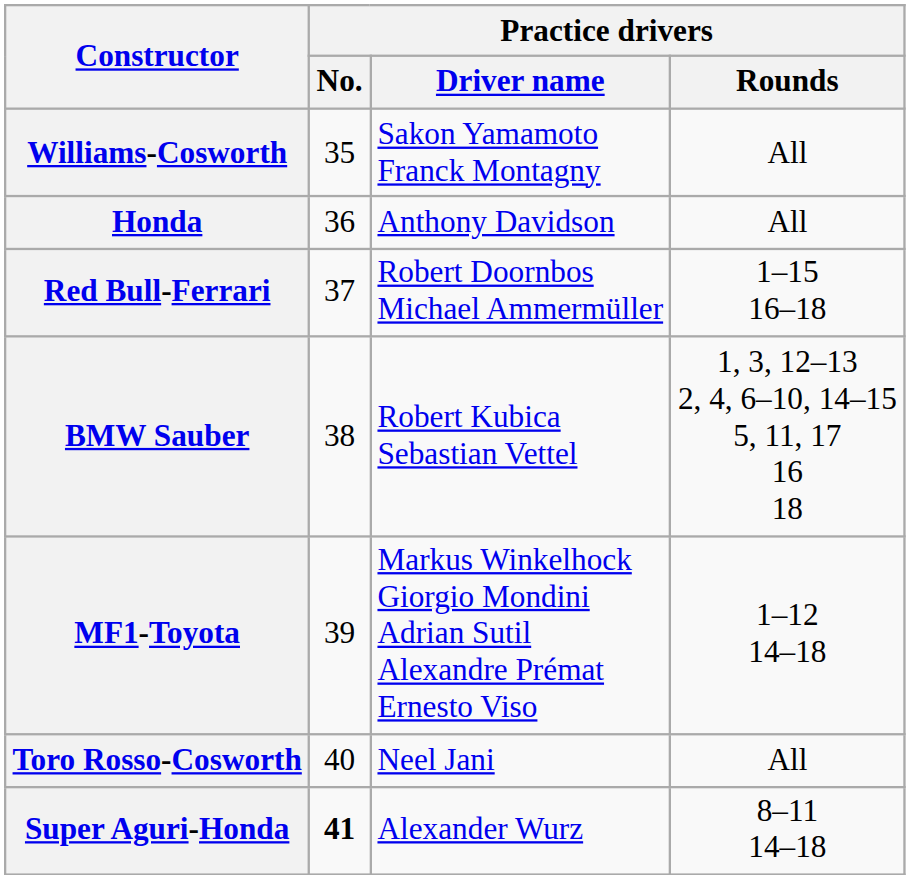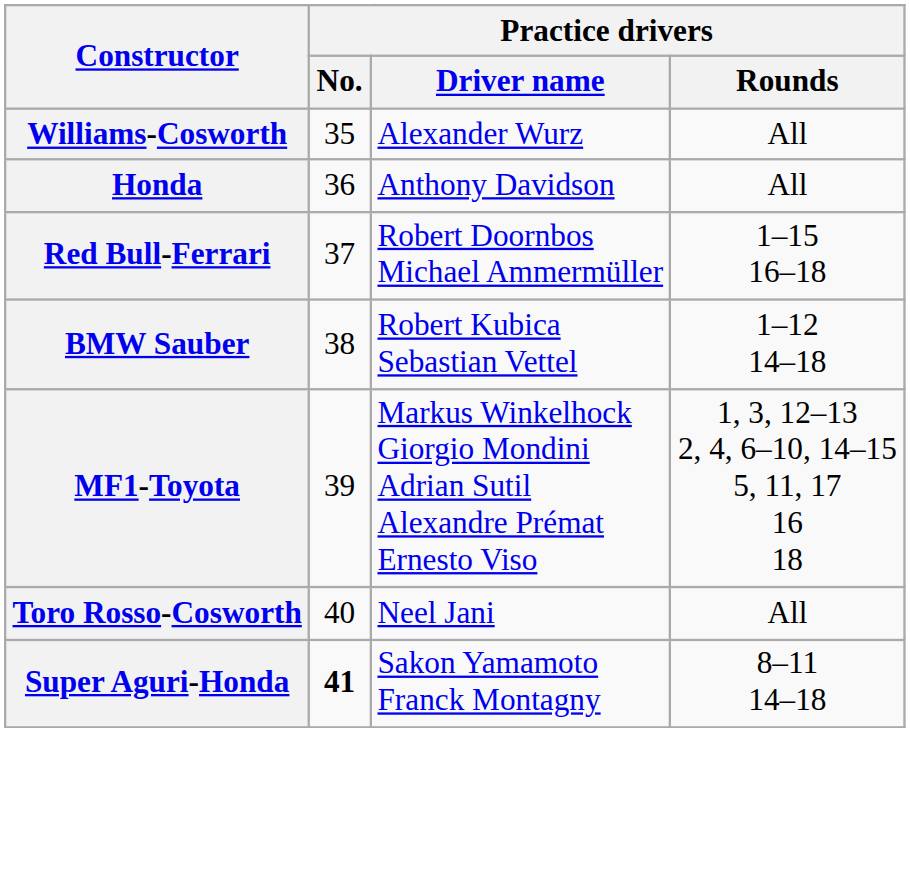 <table class="wikitable" style="font-size:85%">
 <tr>
 <th scope="col" rowspan="2"><a href='#'>Constructor</a></th>
 <th colspan="4" scope="col" class="unsortable">Practice drivers</th>
 </tr>
 <tr>
 <th class="unsortable">No.</th>
 <th scope="col" class="unsortable"><a href='#'>Driver name</a></th>
 <th class="unsortable">Rounds</th>
 </tr>
 <tr>
 <th nowrap><a href='#'>Williams</a>-<a href='#'>Cosworth</a></th>
 <td align="center" nowrap>35</td>
-<td nowrap> <a href='#'>Sakon Yamamoto</a><br> <a href='#'>Franck Montagny</a></td>
+<td nowrap> <a href='#'>Alexander Wurz</a></td>
 <td align="center" nowrap>All</td>
 </tr>
 <tr>
 <th nowrap><a href='#'>Honda</a></th>
 <td align="center" nowrap>36</td>
 <td nowrap> <a href='#'>Anthony Davidson</a></td>
 <td align="center" nowrap>All</td>
 </tr>
 <tr>
 <th nowrap><a href='#'>Red Bull</a>-<a href='#'>Ferrari</a></th>
 <td align="center" nowrap>37</td>
 <td nowrap> <a href='#'>Robert Doornbos</a><br> <a href='#'>Michael Ammermüller</a></td>
 <td align="center" nowrap>1–15<br>16–18</td>
 </tr>
 <tr>
 <th nowrap><a href='#'>BMW Sauber</a></th>
 <td align="center" nowrap>38</td>
 <td nowrap> <a href='#'>Robert Kubica</a><br> <a href='#'>Sebastian Vettel</a></td>
-<td align="center" nowrap>1, 3, 12–13<br>2, 4, 6–10, 14–15<br>5, 11, 17<br>16<br>18</td>
+<td align="center" nowrap>1–12<br>14–18</td>
 </tr>
 <tr>
 <th nowrap><a href='#'>MF1</a>-<a href='#'>Toyota</a></th>
 <td align="center" nowrap>39</td>
 <td nowrap> <a href='#'>Markus Winkelhock</a><br> <a href='#'>Giorgio Mondini</a><br> <a href='#'>Adrian Sutil</a><br> <a href='#'>Alexandre Prémat</a><br> <a href='#'>Ernesto Viso</a></td>
-<td align="center" nowrap>1–12<br>14–18</td>
+<td align="center" nowrap>1, 3, 12–13<br>2, 4, 6–10, 14–15<br>5, 11, 17<br>16<br>18</td>
 </tr>
 <tr>
 <th nowrap><a href='#'>Toro Rosso</a>-<a href='#'>Cosworth</a></th>
 <td align="center" nowrap>40</td>
 <td nowrap> <a href='#'>Neel Jani</a></td>
 <td align="center" nowrap>All</td>
 </tr>
 <tr>
 <th nowrap><a href='#'>Super Aguri</a>-<a href='#'>Honda</a></th>
 <td align="center" nowrap><strong>41</strong></td>
-<td nowrap> <a href='#'>Alexander Wurz</a></td>
+<td nowrap> <a href='#'>Sakon Yamamoto</a><br> <a href='#'>Franck Montagny</a></td>
 <td align="center" nowrap>8–11<br>14–18</td>
 </tr>
 </table>
